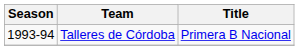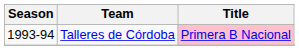 <table class="wikitable">
 <tr>
 <th>Season</th>
 <th>Team</th>
 <th>Title</th>
 </tr>
 <tr>
 <td>1993-94</td>
 <td><a href='#'>Talleres de Córdoba</a></td>
-<td><a href='#'>Primera B Nacional</a></td>
+<td style="background: pink;"><a href='#'>Primera B Nacional</a></td>
 </tr>
 <tr>
 </tr>
 </table>
